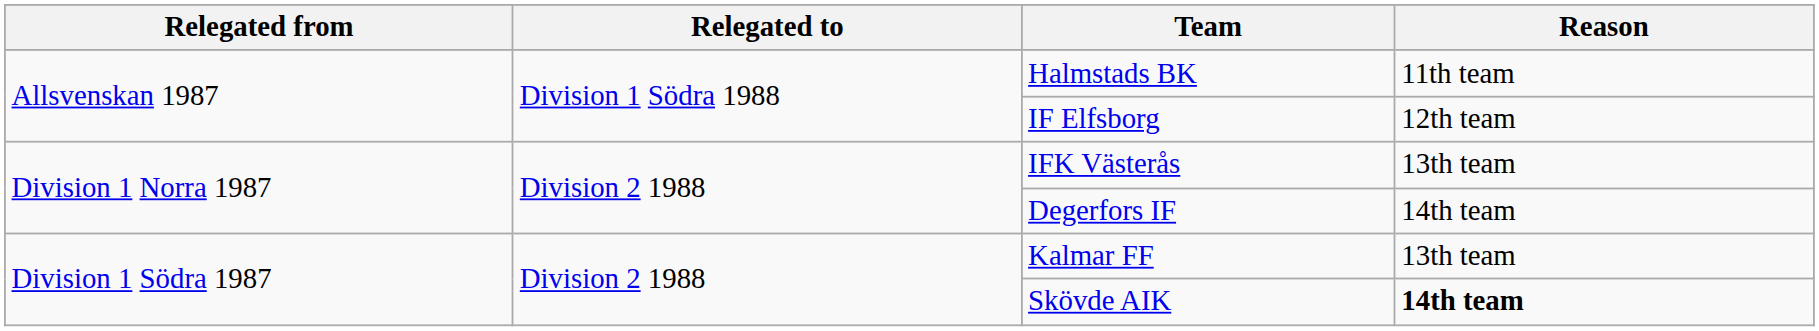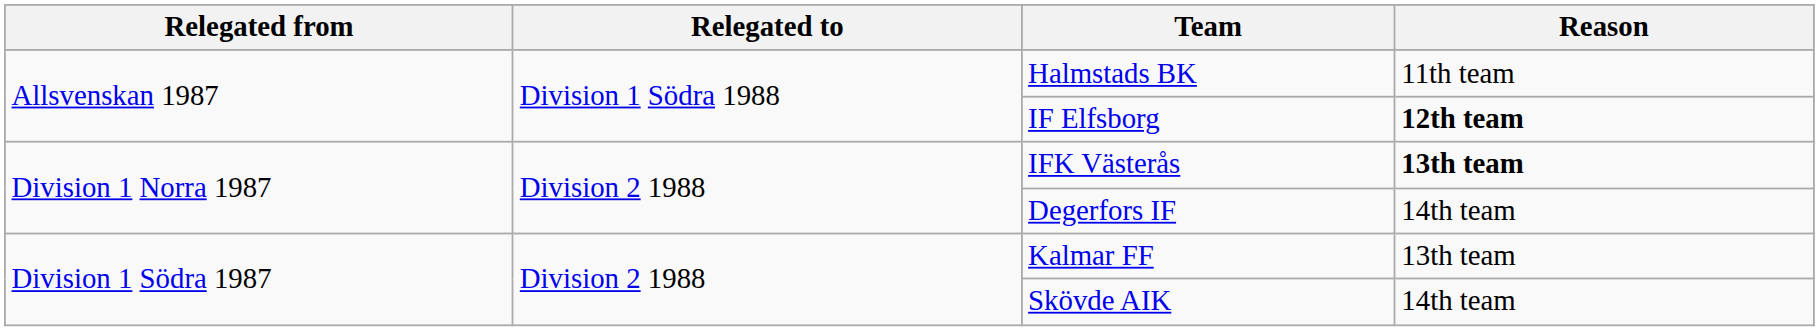 <table class="wikitable" style="text-align: left">
 <tr>
 <th style="width: 275px;">Relegated from</th>
 <th style="width: 275px;">Relegated to</th>
 <th style="width: 200px;">Team</th>
 <th style="width: 225px;">Reason</th>
 </tr>
 <tr>
 <td rowspan=2><a href='#'>Allsvenskan</a> 1987</td>
 <td rowspan=2><a href='#'>Division 1</a> <a href='#'>Södra</a> 1988</td>
 <td><a href='#'>Halmstads BK</a></td>
 <td>11th team</td>
 </tr>
 <tr>
 <td><a href='#'>IF Elfsborg</a></td>
-<td>12th team</td>
+<td><strong>12th team</strong></td>
 </tr>
 <tr>
 <td rowspan=2><a href='#'>Division 1</a> <a href='#'>Norra</a> 1987</td>
 <td rowspan=2><a href='#'>Division 2</a> 1988</td>
 <td><a href='#'>IFK Västerås</a></td>
-<td>13th team</td>
+<td><strong>13th team</strong></td>
 </tr>
 <tr>
 <td><a href='#'>Degerfors IF</a></td>
 <td>14th team</td>
 </tr>
 <tr>
 <td rowspan=2><a href='#'>Division 1</a> <a href='#'>Södra</a> 1987</td>
 <td rowspan=2><a href='#'>Division 2</a> 1988</td>
 <td><a href='#'>Kalmar FF</a></td>
 <td>13th team</td>
 </tr>
 <tr>
 <td><a href='#'>Skövde AIK</a></td>
-<td><strong>14th team</strong></td>
+<td>14th team</td>
 </tr>
 </table>
